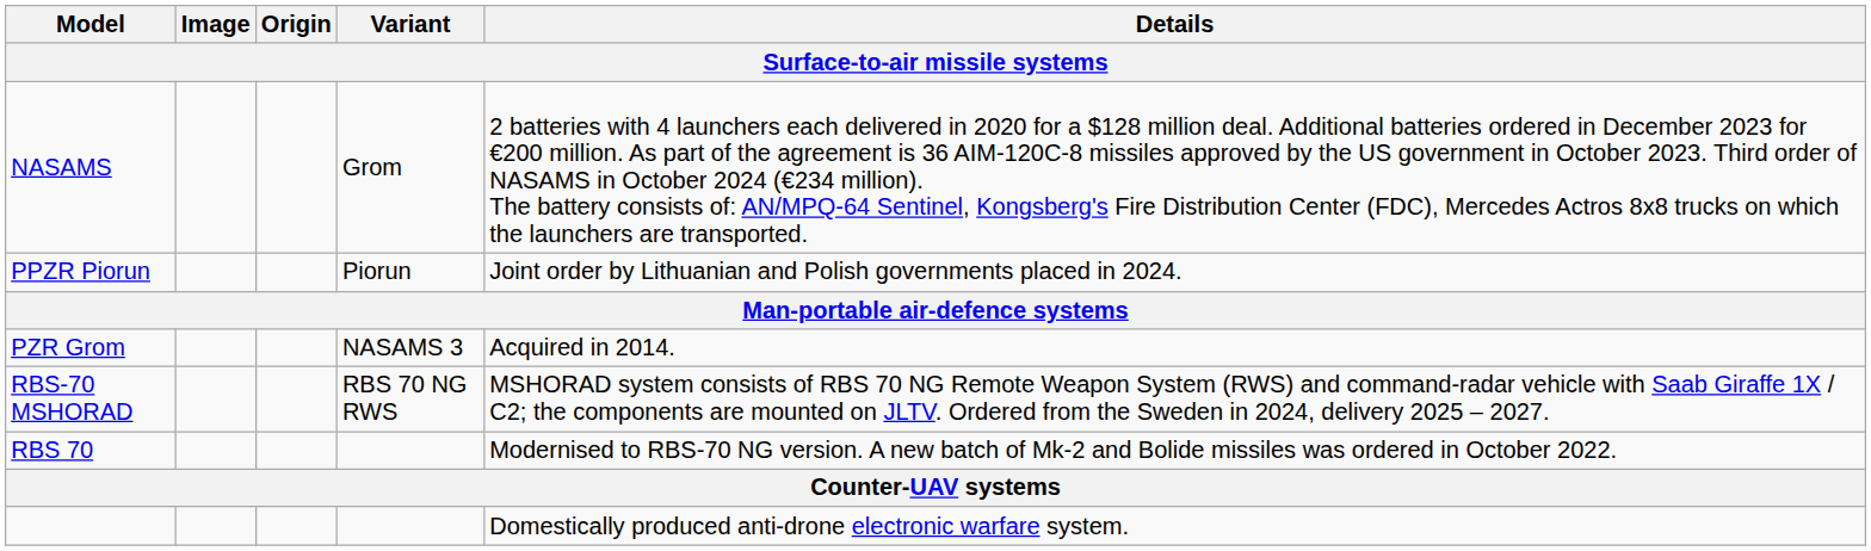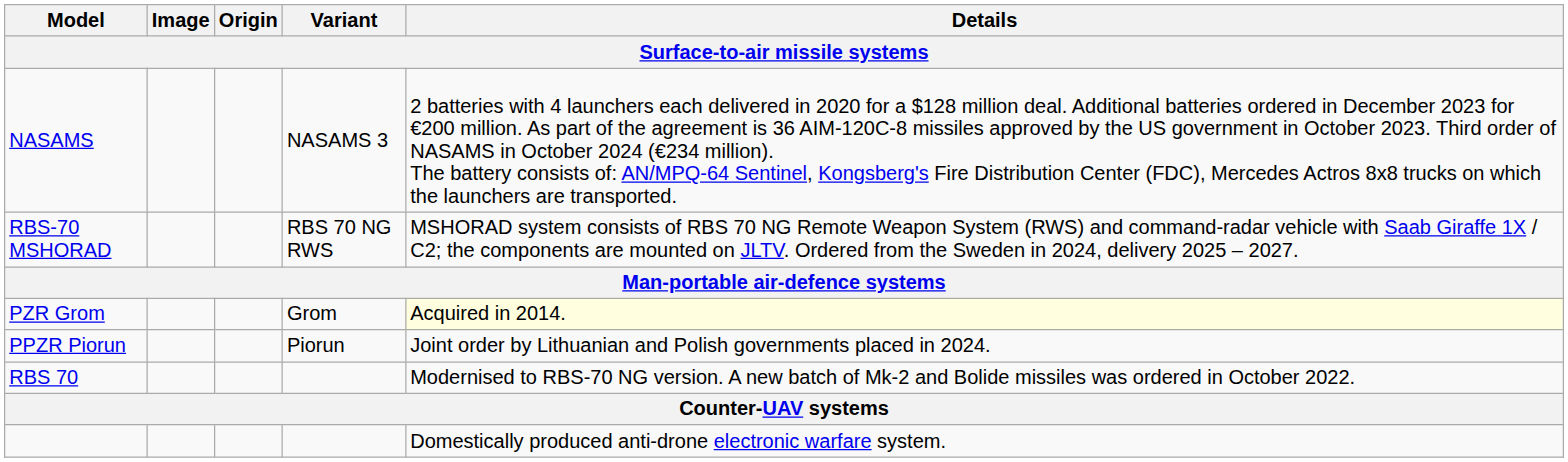 <table class="wikitable">
 <tr>
 <th>Model</th>
 <th>Image</th>
 <th>Origin</th>
 <th>Variant</th>
 <th>Details</th>
 </tr>
 <tr>
 <th colspan="5"><a href='#'>Surface-to-air missile systems</a></th>
 </tr>
 <tr>
 <td><a href='#'>NASAMS</a></td>
 <td></td>
 <td></td>
-<td>Grom</td>
+<td>NASAMS 3</td>
 <td><br>2 batteries with 4 launchers each delivered in 2020 for a $128 million deal. Additional batteries ordered in December 2023 for €200 million. As part of the agreement is 36 AIM-120C-8 missiles approved by the US government in October 2023. Third order of NASAMS in October 2024 (€234 million).<br>The battery consists of:  <a href='#'>AN/MPQ-64 Sentinel</a>, <a href='#'>Kongsberg's</a> Fire Distribution Center (FDC), Mercedes Actros 8x8 trucks on which the launchers are transported.</td>
 </tr>
 <tr>
-<td><a href='#'>PPZR Piorun</a></td>
+<td><a href='#'>RBS-70 MSHORAD</a></td>
 <td></td>
 <td></td>
-<td>Piorun</td>
-<td>Joint order by Lithuanian and Polish governments placed in 2024.</td>
+<td>RBS 70 NG RWS</td>
+<td>MSHORAD system consists of RBS 70 NG Remote Weapon System (RWS) and command-radar vehicle with <a href='#'>Saab Giraffe 1X</a> / C2; the components are mounted on <a href='#'>JLTV</a>. Ordered from the Sweden in 2024, delivery 2025 – 2027.</td>
 </tr>
 <tr>
 <th colspan="5"><a href='#'>Man-portable air-defence systems</a></th>
 </tr>
 <tr>
 <td><a href='#'>PZR Grom</a></td>
 <td></td>
 <td></td>
-<td>NASAMS 3</td>
-<td>Acquired in 2014.</td>
+<td>Grom</td>
+<td style="background: lightyellow;">Acquired in 2014.</td>
 </tr>
 <tr>
-<td><a href='#'>RBS-70 MSHORAD</a></td>
+<td><a href='#'>PPZR Piorun</a></td>
 <td></td>
 <td></td>
-<td>RBS 70 NG RWS</td>
-<td>MSHORAD system consists of RBS 70 NG Remote Weapon System (RWS) and command-radar vehicle with <a href='#'>Saab Giraffe 1X</a> / C2; the components are mounted on <a href='#'>JLTV</a>. Ordered from the Sweden in 2024, delivery 2025 – 2027.</td>
+<td>Piorun</td>
+<td>Joint order by Lithuanian and Polish governments placed in 2024.</td>
 </tr>
 <tr>
 <td><a href='#'>RBS 70</a></td>
 <td></td>
 <td></td>
 <td></td>
 <td>Modernised to RBS-70 NG version. A new batch of Mk-2 and Bolide missiles was ordered in October 2022.</td>
 </tr>
 <tr>
 <th colspan="5">Counter-<a href='#'>UAV</a> systems</th>
 </tr>
 <tr>
 <td></td>
 <td></td>
 <td></td>
 <td></td>
 <td>Domestically produced anti-drone <a href='#'>electronic warfare</a> system.</td>
 </tr>
 </table>
